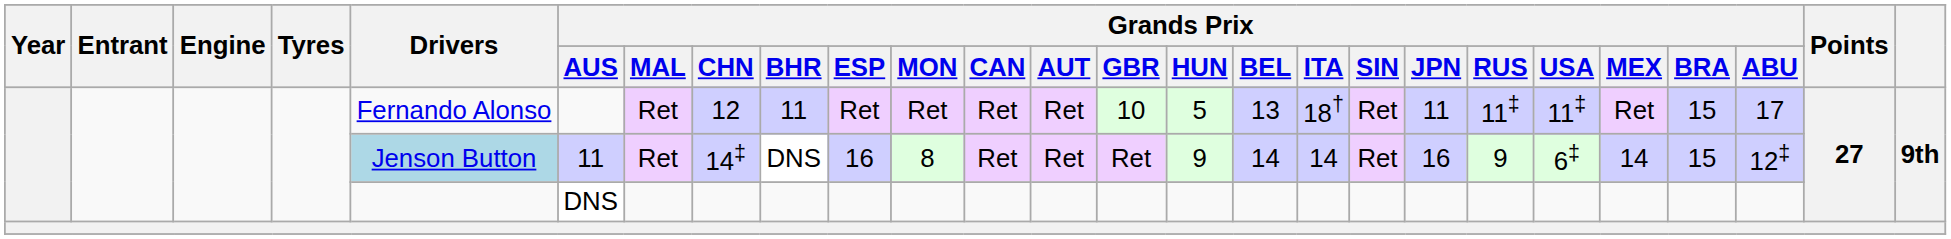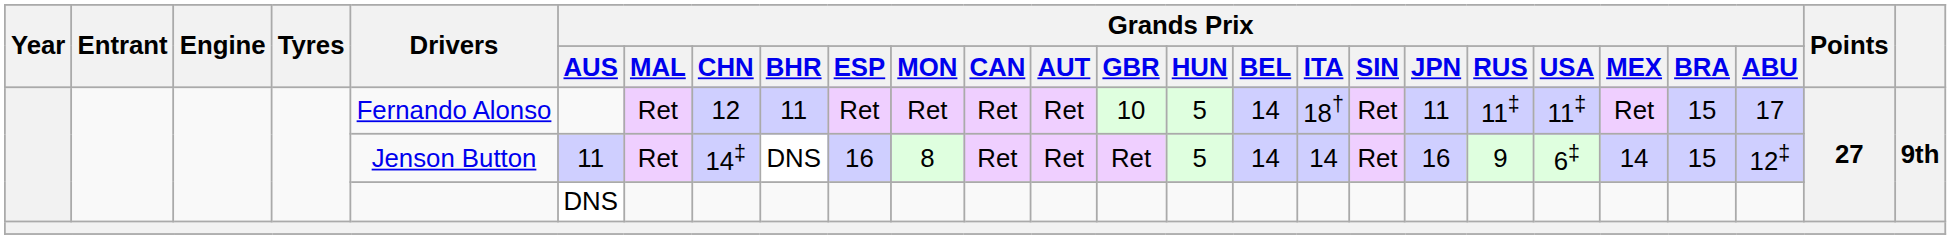 <table class="wikitable" style="text-align:center; font-size:90%">
 <tr>
 <th rowspan="2">Year</th>
 <th rowspan="2">Entrant</th>
 <th rowspan="2">Engine</th>
 <th rowspan="2">Tyres</th>
 <th rowspan="2">Drivers</th>
 <th colspan="19">Grands Prix</th>
 <th rowspan="2">Points</th>
 <th rowspan="2"></th>
 </tr>
 <tr>
 <th><a href='#'>AUS</a></th>
 <th><a href='#'>MAL</a></th>
 <th><a href='#'>CHN</a></th>
 <th><a href='#'>BHR</a></th>
 <th><a href='#'>ESP</a></th>
 <th><a href='#'>MON</a></th>
 <th><a href='#'>CAN</a></th>
 <th><a href='#'>AUT</a></th>
 <th><a href='#'>GBR</a></th>
 <th><a href='#'>HUN</a></th>
 <th><a href='#'>BEL</a></th>
 <th><a href='#'>ITA</a></th>
 <th><a href='#'>SIN</a></th>
 <th><a href='#'>JPN</a></th>
 <th><a href='#'>RUS</a></th>
 <th><a href='#'>USA</a></th>
 <th><a href='#'>MEX</a></th>
 <th><a href='#'>BRA</a></th>
 <th><a href='#'>ABU</a></th>
 </tr>
 <tr>
 <th rowspan=3></th>
 <td rowspan=3></td>
 <td rowspan=3></td>
 <td rowspan=3></td>
 <td align="center"><a href='#'>Fernando Alonso</a></td>
 <td></td>
 <td style="background-color:#efcfff">Ret</td>
 <td style="background-color:#cfcfff">12</td>
 <td style="background-color:#cfcfff">11</td>
 <td style="background-color:#efcfff">Ret</td>
 <td style="background-color:#efcfff">Ret</td>
 <td style="background-color:#efcfff">Ret</td>
 <td style="background-color:#efcfff">Ret</td>
 <td style="background-color:#dfffdf">10</td>
 <td style="background-color:#dfffdf">5</td>
-<td style="background-color:#cfcfff">13</td>
+<td style="background-color:#cfcfff">14</td>
 <td style="background-color:#cfcfff">18<sup>†</sup></td>
 <td style="background-color:#efcfff">Ret</td>
 <td style="background-color:#cfcfff">11</td>
 <td style="background-color:#cfcfff">11<sup>‡</sup></td>
 <td style="background-color:#cfcfff">11<sup>‡</sup></td>
 <td style="background-color:#efcfff">Ret</td>
 <td style="background-color:#cfcfff">15</td>
 <td style="background-color:#cfcfff">17</td>
 <th rowspan="3">27</th>
 <th rowspan="3">9th</th>
 </tr>
 <tr>
-<td align="center" style="background: lightblue;"><a href='#'>Jenson Button</a></td>
+<td align="center"><a href='#'>Jenson Button</a></td>
 <td style="background-color:#cfcfff">11</td>
 <td style="background-color:#efcfff">Ret</td>
 <td style="background-color:#cfcfff">14<sup>‡</sup></td>
 <td style="background-color:#ffffff">DNS</td>
 <td style="background-color:#cfcfff">16</td>
 <td style="background-color:#dfffdf">8</td>
 <td style="background-color:#efcfff">Ret</td>
 <td style="background-color:#efcfff">Ret</td>
 <td style="background-color:#efcfff">Ret</td>
-<td style="background-color:#dfffdf">9</td>
+<td style="background-color:#dfffdf">5</td>
 <td style="background-color:#cfcfff">14</td>
 <td style="background-color:#cfcfff">14</td>
 <td style="background-color:#efcfff">Ret</td>
 <td style="background-color:#cfcfff">16</td>
 <td style="background-color:#dfffdf">9</td>
 <td style="background-color:#dfffdf">6<sup>‡</sup></td>
 <td style="background-color:#cfcfff">14</td>
 <td style="background-color:#cfcfff">15</td>
 <td style="background-color:#cfcfff">12<sup>‡</sup></td>
 </tr>
 <tr>
 <td align="center"></td>
 <td style="background-color:#ffffff">DNS</td>
 <td></td>
 <td></td>
 <td></td>
 <td></td>
 <td></td>
 <td></td>
 <td></td>
 <td></td>
 <td></td>
 <td></td>
 <td></td>
 <td></td>
 <td></td>
 <td></td>
 <td></td>
 <td></td>
 <td></td>
 <td></td>
 </tr>
 <tr>
 <th colspan="27"></th>
 </tr>
 </table>
